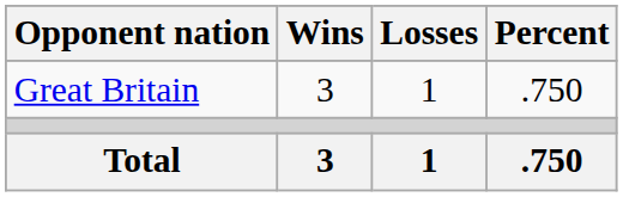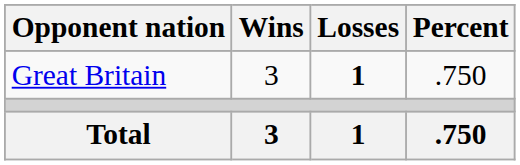 <table class=wikitable>
 <tr>
 <th>Opponent nation</th>
 <th>Wins</th>
 <th>Losses</th>
 <th>Percent</th>
 </tr>
 <tr align=center>
 <td align=left><a href='#'>Great Britain</a></td>
 <td>3</td>
-<td>1</td>
+<td><strong>1</strong></td>
 <td>.750</td>
 </tr>
 <tr>
 <td colspan=4 bgcolor=lightgray></td>
 </tr>
 <tr>
 <th>Total</th>
 <th>3</th>
 <th>1</th>
 <th>.750</th>
 </tr>
 </table>
